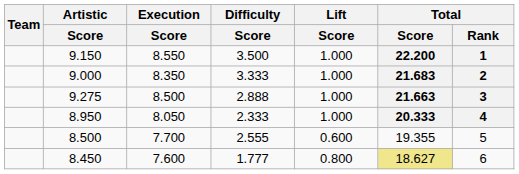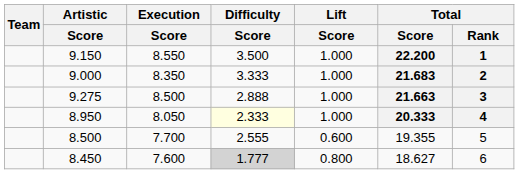 <table class="wikitable" style="text-align:center">
 <tr>
 <th rowspan=2>Team</th>
 <th style="width:6em">Artistic</th>
 <th style="width:6em">Execution</th>
 <th style="width:6em">Difficulty</th>
 <th style="width:6em">Lift</th>
 <th style="width:10em" colspan=2>Total</th>
 </tr>
 <tr>
 <th>Score</th>
 <th>Score</th>
 <th>Score</th>
 <th>Score</th>
 <th>Score</th>
 <th>Rank</th>
 </tr>
 <tr>
 <td align="left"></td>
 <td>9.150</td>
 <td>8.550</td>
 <td>3.500</td>
 <td>1.000</td>
 <th>22.200</th>
 <th>1</th>
 </tr>
 <tr>
 <td align="left"></td>
 <td>9.000</td>
 <td>8.350</td>
 <td>3.333</td>
 <td>1.000</td>
 <th>21.683</th>
 <th>2</th>
 </tr>
 <tr>
 <td align="left"></td>
 <td>9.275</td>
 <td>8.500</td>
 <td>2.888</td>
 <td>1.000</td>
 <th>21.663</th>
 <th>3</th>
 </tr>
 <tr>
 <td align="left"></td>
 <td>8.950</td>
 <td>8.050</td>
-<td>2.333</td>
+<td style="background: lightyellow;">2.333</td>
 <td>1.000</td>
 <th>20.333</th>
 <th>4</th>
 </tr>
 <tr>
 <td align="left"></td>
 <td>8.500</td>
 <td>7.700</td>
 <td>2.555</td>
 <td>0.600</td>
 <td>19.355</td>
 <td>5</td>
 </tr>
 <tr>
 <td align="left"></td>
 <td>8.450</td>
 <td>7.600</td>
-<td>1.777</td>
+<td style="background: lightgrey;">1.777</td>
 <td>0.800</td>
-<td style="background: khaki;">18.627</td>
+<td>18.627</td>
 <td>6</td>
 </tr>
 </table>
